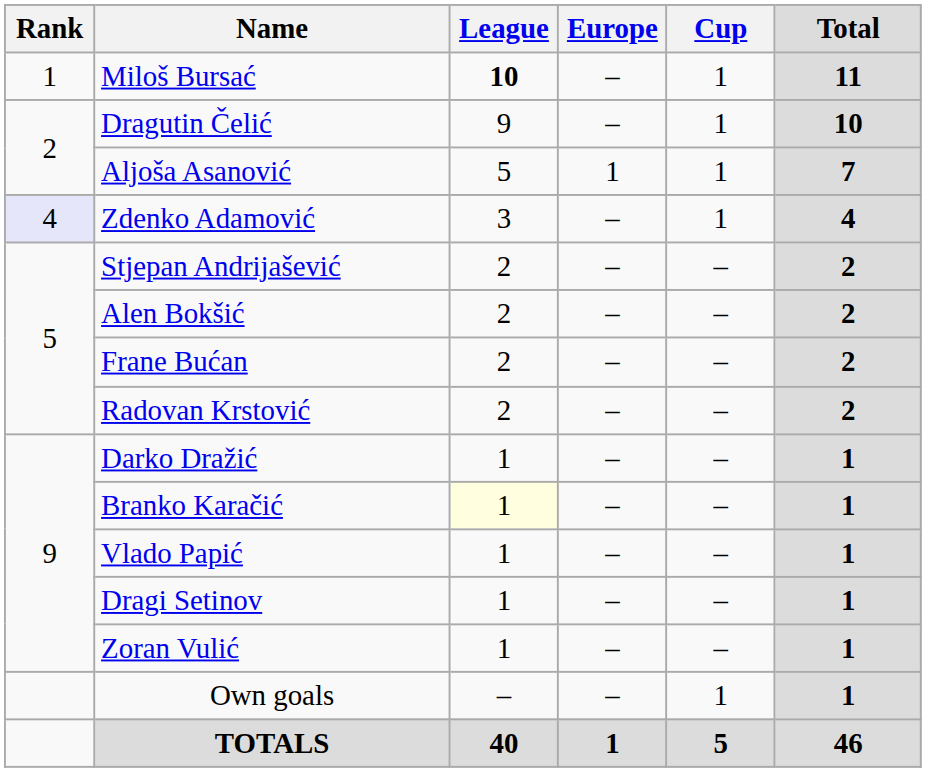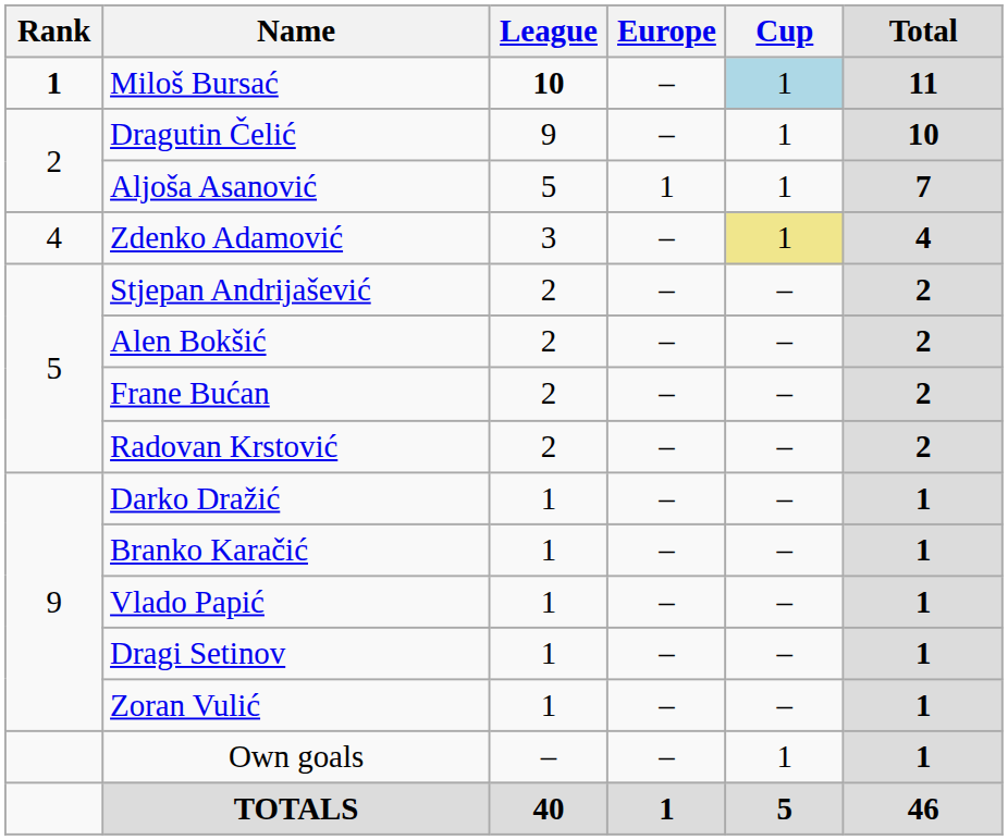 <table class="wikitable" style="font-size: 95%; text-align: center;">
 <tr>
 <th width=40>Rank</th>
 <th width=180>Name</th>
 <th width=50><a href='#'>League</a></th>
 <th width=50><a href='#'>Europe</a></th>
 <th width=50><a href='#'>Cup</a></th>
 <th width=70 style="background: #DCDCDC">Total</th>
 </tr>
 <tr>
-<td rowspan=1>1</td>
+<td rowspan=1><strong>1</strong></td>
 <td style="text-align:left;"> <a href='#'>Miloš Bursać</a></td>
 <td><strong>10</strong></td>
 <td>–</td>
-<td>1</td>
+<td style="background: lightblue;">1</td>
 <th style="background: #DCDCDC">11</th>
 </tr>
 <tr>
 <td rowspan=2>2</td>
 <td style="text-align:left;"> <a href='#'>Dragutin Čelić</a></td>
 <td>9</td>
 <td>–</td>
 <td>1</td>
 <th style="background: #DCDCDC">10</th>
 </tr>
 <tr>
 <td style="text-align:left;"> <a href='#'>Aljoša Asanović</a></td>
 <td>5</td>
 <td>1</td>
 <td>1</td>
 <th style="background: #DCDCDC">7</th>
 </tr>
 <tr>
-<td rowspan=1 style="background: lavender;">4</td>
+<td rowspan=1>4</td>
 <td style="text-align:left;"> <a href='#'>Zdenko Adamović</a></td>
 <td>3</td>
 <td>–</td>
-<td>1</td>
+<td style="background: khaki;">1</td>
 <th style="background: #DCDCDC">4</th>
 </tr>
 <tr>
 <td rowspan=4>5</td>
 <td style="text-align:left;"> <a href='#'>Stjepan Andrijašević</a></td>
 <td>2</td>
 <td>–</td>
 <td>–</td>
 <th style="background: #DCDCDC">2</th>
 </tr>
 <tr>
 <td style="text-align:left;"> <a href='#'>Alen Bokšić</a></td>
 <td>2</td>
 <td>–</td>
 <td>–</td>
 <th style="background: #DCDCDC">2</th>
 </tr>
 <tr>
 <td style="text-align:left;"> <a href='#'>Frane Bućan</a></td>
 <td>2</td>
 <td>–</td>
 <td>–</td>
 <th style="background: #DCDCDC">2</th>
 </tr>
 <tr>
 <td style="text-align:left;"> <a href='#'>Radovan Krstović</a></td>
 <td>2</td>
 <td>–</td>
 <td>–</td>
 <th style="background: #DCDCDC">2</th>
 </tr>
 <tr>
 <td rowspan=5>9</td>
 <td style="text-align:left;"> <a href='#'>Darko Dražić</a></td>
 <td>1</td>
 <td>–</td>
 <td>–</td>
 <th style="background: #DCDCDC">1</th>
 </tr>
 <tr>
 <td style="text-align:left;"> <a href='#'>Branko Karačić</a></td>
-<td style="background: lightyellow;">1</td>
+<td>1</td>
 <td>–</td>
 <td>–</td>
 <th style="background: #DCDCDC">1</th>
 </tr>
 <tr>
 <td style="text-align:left;"> <a href='#'>Vlado Papić</a></td>
 <td>1</td>
 <td>–</td>
 <td>–</td>
 <th style="background: #DCDCDC">1</th>
 </tr>
 <tr>
 <td style="text-align:left;"> <a href='#'>Dragi Setinov</a></td>
 <td>1</td>
 <td>–</td>
 <td>–</td>
 <th style="background: #DCDCDC">1</th>
 </tr>
 <tr>
 <td style="text-align:left;"> <a href='#'>Zoran Vulić</a></td>
 <td>1</td>
 <td>–</td>
 <td>–</td>
 <th style="background: #DCDCDC">1</th>
 </tr>
 <tr>
 <td></td>
 <td style="text-align:center;">Own goals</td>
 <td>–</td>
 <td>–</td>
 <td>1</td>
 <th style="background: #DCDCDC">1</th>
 </tr>
 <tr>
 <td></td>
 <th style="background: #DCDCDC">TOTALS</th>
 <th style="background: #DCDCDC">40</th>
 <th style="background: #DCDCDC">1</th>
 <th style="background: #DCDCDC">5</th>
 <th style="background: #DCDCDC">46</th>
 </tr>
 </table>
